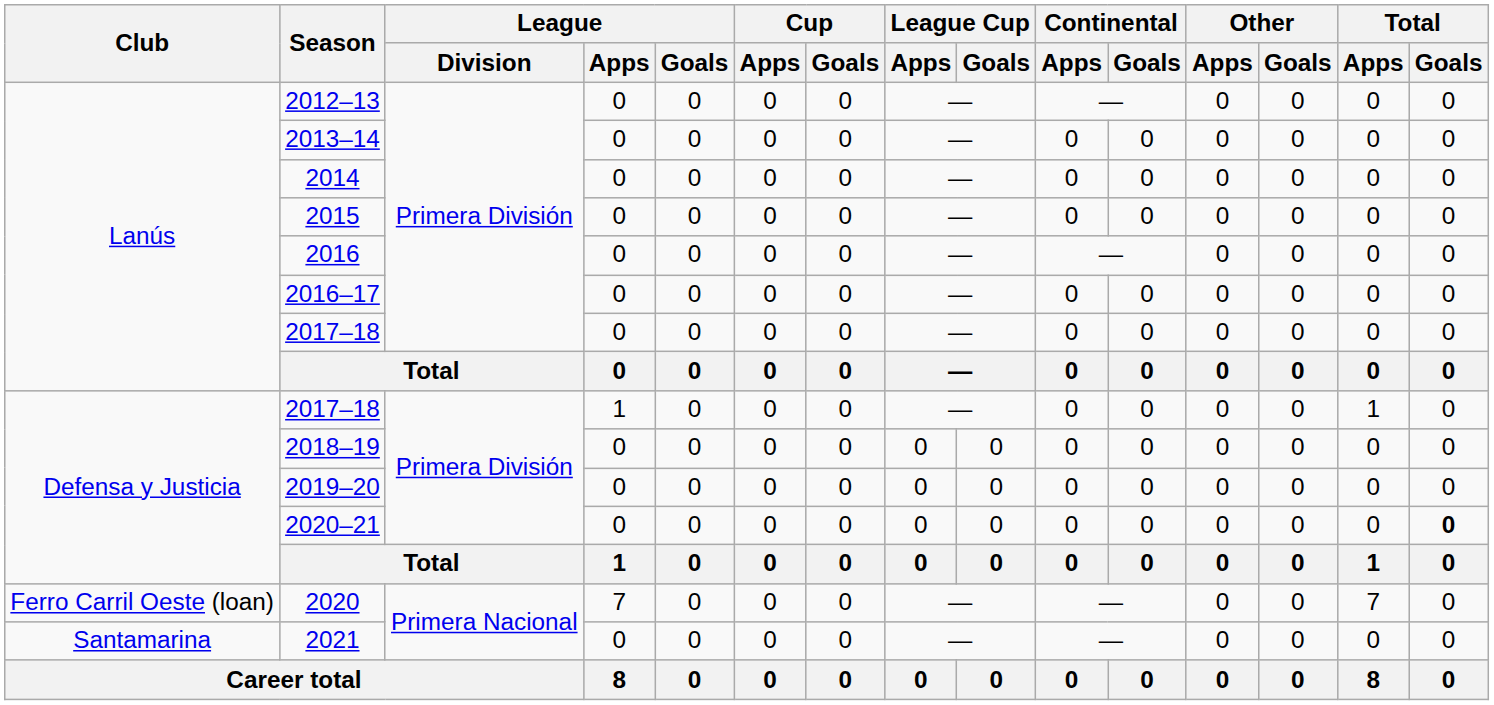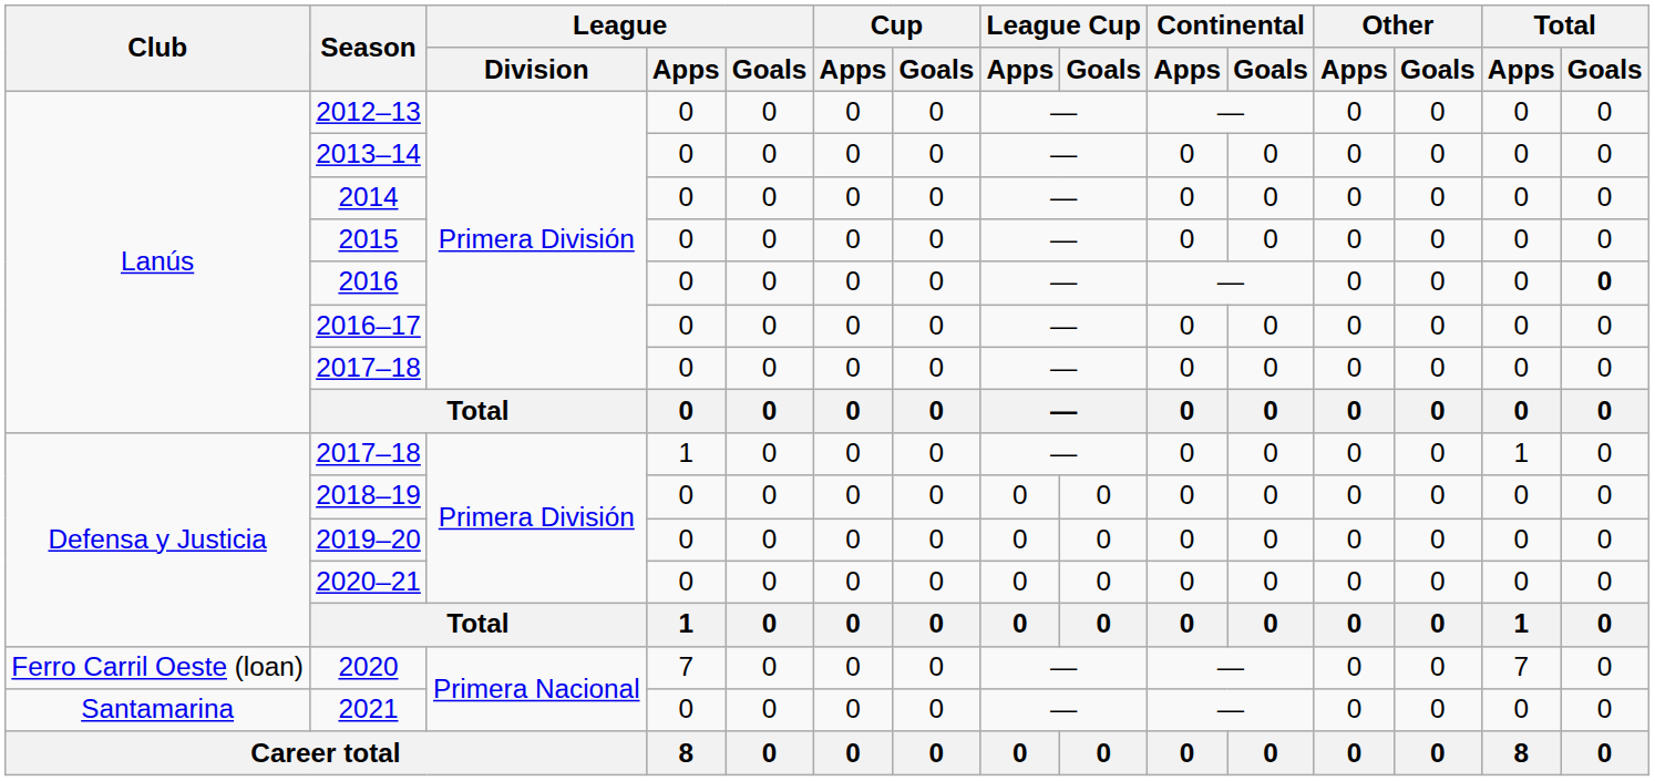 <table class="wikitable" style="text-align:center">
 <tr>
 <th rowspan="2">Club</th>
 <th rowspan="2">Season</th>
 <th colspan="3">League</th>
 <th colspan="2">Cup</th>
 <th colspan="2">League Cup</th>
 <th colspan="2">Continental</th>
 <th colspan="2">Other</th>
 <th colspan="2">Total</th>
 </tr>
 <tr>
 <th>Division</th>
 <th>Apps</th>
 <th>Goals</th>
 <th>Apps</th>
 <th>Goals</th>
 <th>Apps</th>
 <th>Goals</th>
 <th>Apps</th>
 <th>Goals</th>
 <th>Apps</th>
 <th>Goals</th>
 <th>Apps</th>
 <th>Goals</th>
 </tr>
 <tr>
 <td rowspan="8"><a href='#'>Lanús</a></td>
 <td><a href='#'>2012–13</a></td>
 <td rowspan="7"><a href='#'>Primera División</a></td>
 <td>0</td>
 <td>0</td>
 <td>0</td>
 <td>0</td>
 <td colspan="2">—</td>
 <td colspan="2">—</td>
 <td>0</td>
 <td>0</td>
 <td>0</td>
 <td>0</td>
 </tr>
 <tr>
 <td><a href='#'>2013–14</a></td>
 <td>0</td>
 <td>0</td>
 <td>0</td>
 <td>0</td>
 <td colspan="2">—</td>
 <td>0</td>
 <td>0</td>
 <td>0</td>
 <td>0</td>
 <td>0</td>
 <td>0</td>
 </tr>
 <tr>
 <td><a href='#'>2014</a></td>
 <td>0</td>
 <td>0</td>
 <td>0</td>
 <td>0</td>
 <td colspan="2">—</td>
 <td>0</td>
 <td>0</td>
 <td>0</td>
 <td>0</td>
 <td>0</td>
 <td>0</td>
 </tr>
 <tr>
 <td><a href='#'>2015</a></td>
 <td>0</td>
 <td>0</td>
 <td>0</td>
 <td>0</td>
 <td colspan="2">—</td>
 <td>0</td>
 <td>0</td>
 <td>0</td>
 <td>0</td>
 <td>0</td>
 <td>0</td>
 </tr>
 <tr>
 <td><a href='#'>2016</a></td>
 <td>0</td>
 <td>0</td>
 <td>0</td>
 <td>0</td>
 <td colspan="2">—</td>
 <td colspan="2">—</td>
 <td>0</td>
 <td>0</td>
 <td>0</td>
-<td>0</td>
+<td><strong>0</strong></td>
 </tr>
 <tr>
 <td><a href='#'>2016–17</a></td>
 <td>0</td>
 <td>0</td>
 <td>0</td>
 <td>0</td>
 <td colspan="2">—</td>
 <td>0</td>
 <td>0</td>
 <td>0</td>
 <td>0</td>
 <td>0</td>
 <td>0</td>
 </tr>
 <tr>
 <td><a href='#'>2017–18</a></td>
 <td>0</td>
 <td>0</td>
 <td>0</td>
 <td>0</td>
 <td colspan="2">—</td>
 <td>0</td>
 <td>0</td>
 <td>0</td>
 <td>0</td>
 <td>0</td>
 <td>0</td>
 </tr>
 <tr>
 <th colspan="2">Total</th>
 <th>0</th>
 <th>0</th>
 <th>0</th>
 <th>0</th>
 <th colspan="2">—</th>
 <th>0</th>
 <th>0</th>
 <th>0</th>
 <th>0</th>
 <th>0</th>
 <th>0</th>
 </tr>
 <tr>
 <td rowspan="5"><a href='#'>Defensa y Justicia</a></td>
 <td><a href='#'>2017–18</a></td>
 <td rowspan="4"><a href='#'>Primera División</a></td>
 <td>1</td>
 <td>0</td>
 <td>0</td>
 <td>0</td>
 <td colspan="2">—</td>
 <td>0</td>
 <td>0</td>
 <td>0</td>
 <td>0</td>
 <td>1</td>
 <td>0</td>
 </tr>
 <tr>
 <td><a href='#'>2018–19</a></td>
 <td>0</td>
 <td>0</td>
 <td>0</td>
 <td>0</td>
 <td>0</td>
 <td>0</td>
 <td>0</td>
 <td>0</td>
 <td>0</td>
 <td>0</td>
 <td>0</td>
 <td>0</td>
 </tr>
 <tr>
 <td><a href='#'>2019–20</a></td>
 <td>0</td>
 <td>0</td>
 <td>0</td>
 <td>0</td>
 <td>0</td>
 <td>0</td>
 <td>0</td>
 <td>0</td>
 <td>0</td>
 <td>0</td>
 <td>0</td>
 <td>0</td>
 </tr>
 <tr>
 <td><a href='#'>2020–21</a></td>
 <td>0</td>
 <td>0</td>
 <td>0</td>
 <td>0</td>
 <td>0</td>
 <td>0</td>
 <td>0</td>
 <td>0</td>
 <td>0</td>
 <td>0</td>
 <td>0</td>
-<td><strong>0</strong></td>
+<td>0</td>
 </tr>
 <tr>
 <th colspan="2">Total</th>
 <th>1</th>
 <th>0</th>
 <th>0</th>
 <th>0</th>
 <th>0</th>
 <th>0</th>
 <th>0</th>
 <th>0</th>
 <th>0</th>
 <th>0</th>
 <th>1</th>
 <th>0</th>
 </tr>
 <tr>
 <td rowspan="1"><a href='#'>Ferro Carril Oeste</a> (loan)</td>
 <td><a href='#'>2020</a></td>
 <td rowspan="2"><a href='#'>Primera Nacional</a></td>
 <td>7</td>
 <td>0</td>
 <td>0</td>
 <td>0</td>
 <td colspan="2">—</td>
 <td colspan="2">—</td>
 <td>0</td>
 <td>0</td>
 <td>7</td>
 <td>0</td>
 </tr>
 <tr>
 <td rowspan="1"><a href='#'>Santamarina</a></td>
 <td><a href='#'>2021</a></td>
 <td>0</td>
 <td>0</td>
 <td>0</td>
 <td>0</td>
 <td colspan="2">—</td>
 <td colspan="2">—</td>
 <td>0</td>
 <td>0</td>
 <td>0</td>
 <td>0</td>
 </tr>
 <tr>
 <th colspan="3">Career total</th>
 <th>8</th>
 <th>0</th>
 <th>0</th>
 <th>0</th>
 <th>0</th>
 <th>0</th>
 <th>0</th>
 <th>0</th>
 <th>0</th>
 <th>0</th>
 <th>8</th>
 <th>0</th>
 </tr>
 </table>
